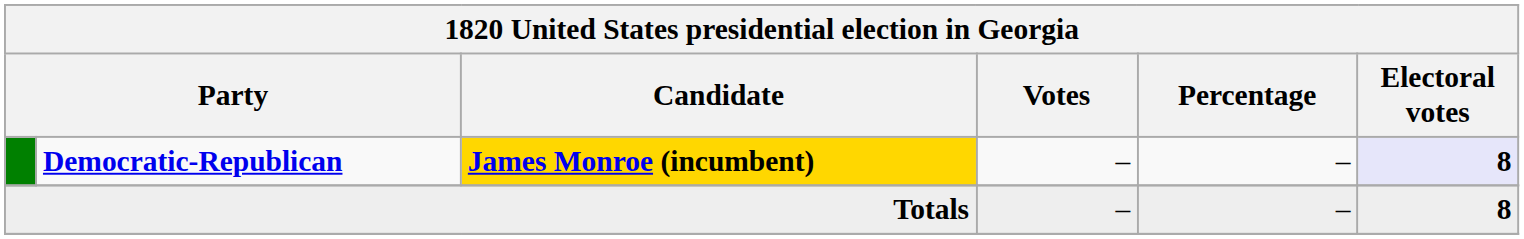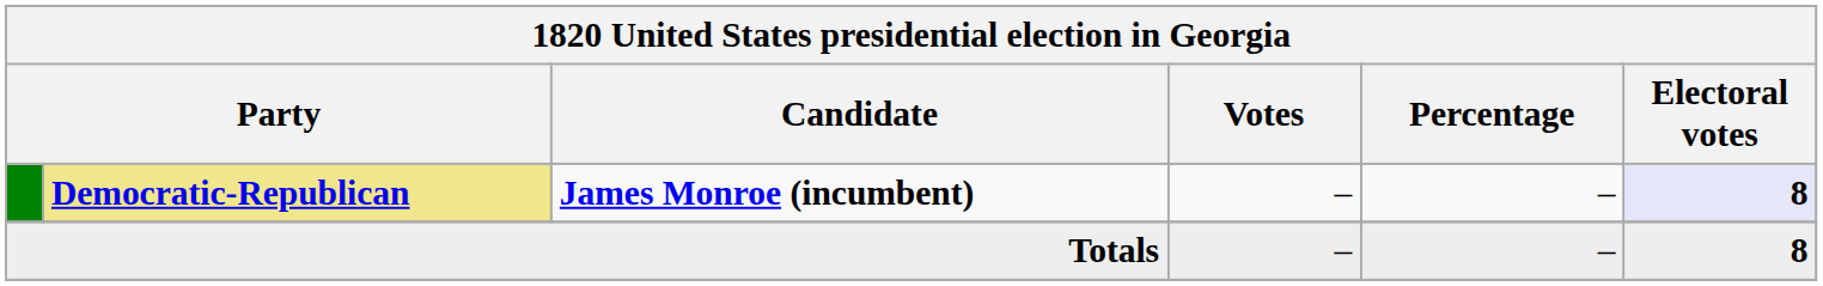 <table class="wikitable" style="font-size: 95%;">
 <tr>
 <th colspan="6">1820 United States presidential election in Georgia</th>
 </tr>
 <tr>
 <th colspan="2" style="width: 15em">Party</th>
 <th style="width: 17em">Candidate</th>
 <th style="width: 5em">Votes</th>
 <th style="width: 7em">Percentage</th>
 <th style="width: 5em">Electoral votes</th>
 </tr>
 <tr>
 <th style="background-color:#008000; width: 3px"></th>
-<td style="width: 130px"><strong><a href='#'>Democratic-Republican</a></strong></td>
-<td style="background: gold;"><strong><a href='#'>James Monroe</a> (incumbent)</strong></td>
+<td style="background: khaki; width: 130px"><strong><a href='#'>Democratic-Republican</a></strong></td>
+<td><strong><a href='#'>James Monroe</a> (incumbent)</strong></td>
 <td align="right">–</td>
 <td align="right">–</td>
 <td align="right" style="background: lavender;"><strong>8</strong></td>
 </tr>
 <tr>
 </tr>
 <tr bgcolor="#EEEEEE">
 <td colspan="3" align="right"><strong>Totals</strong></td>
 <td align="right">–</td>
 <td align="right">–</td>
 <td align="right"><strong>8</strong></td>
 </tr>
 <tr>
 </tr>
 </table>
